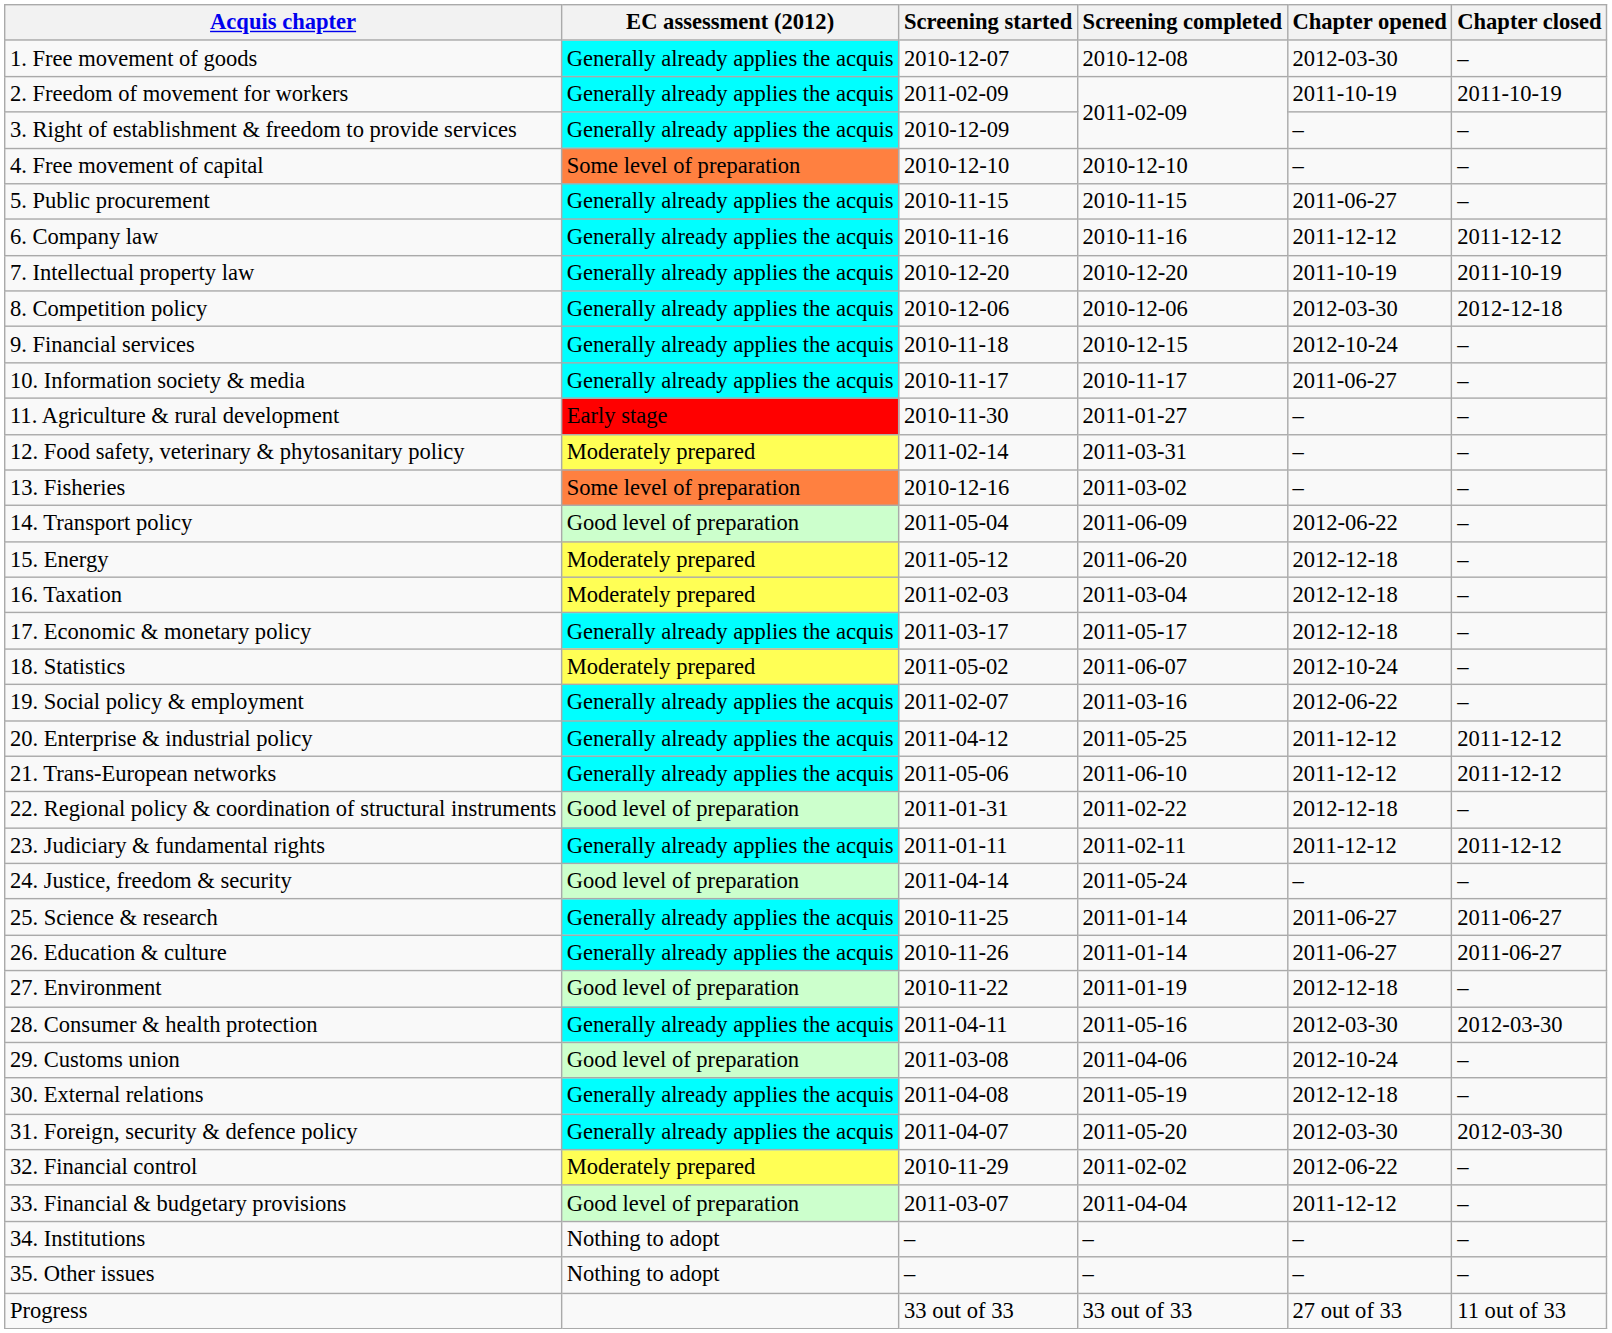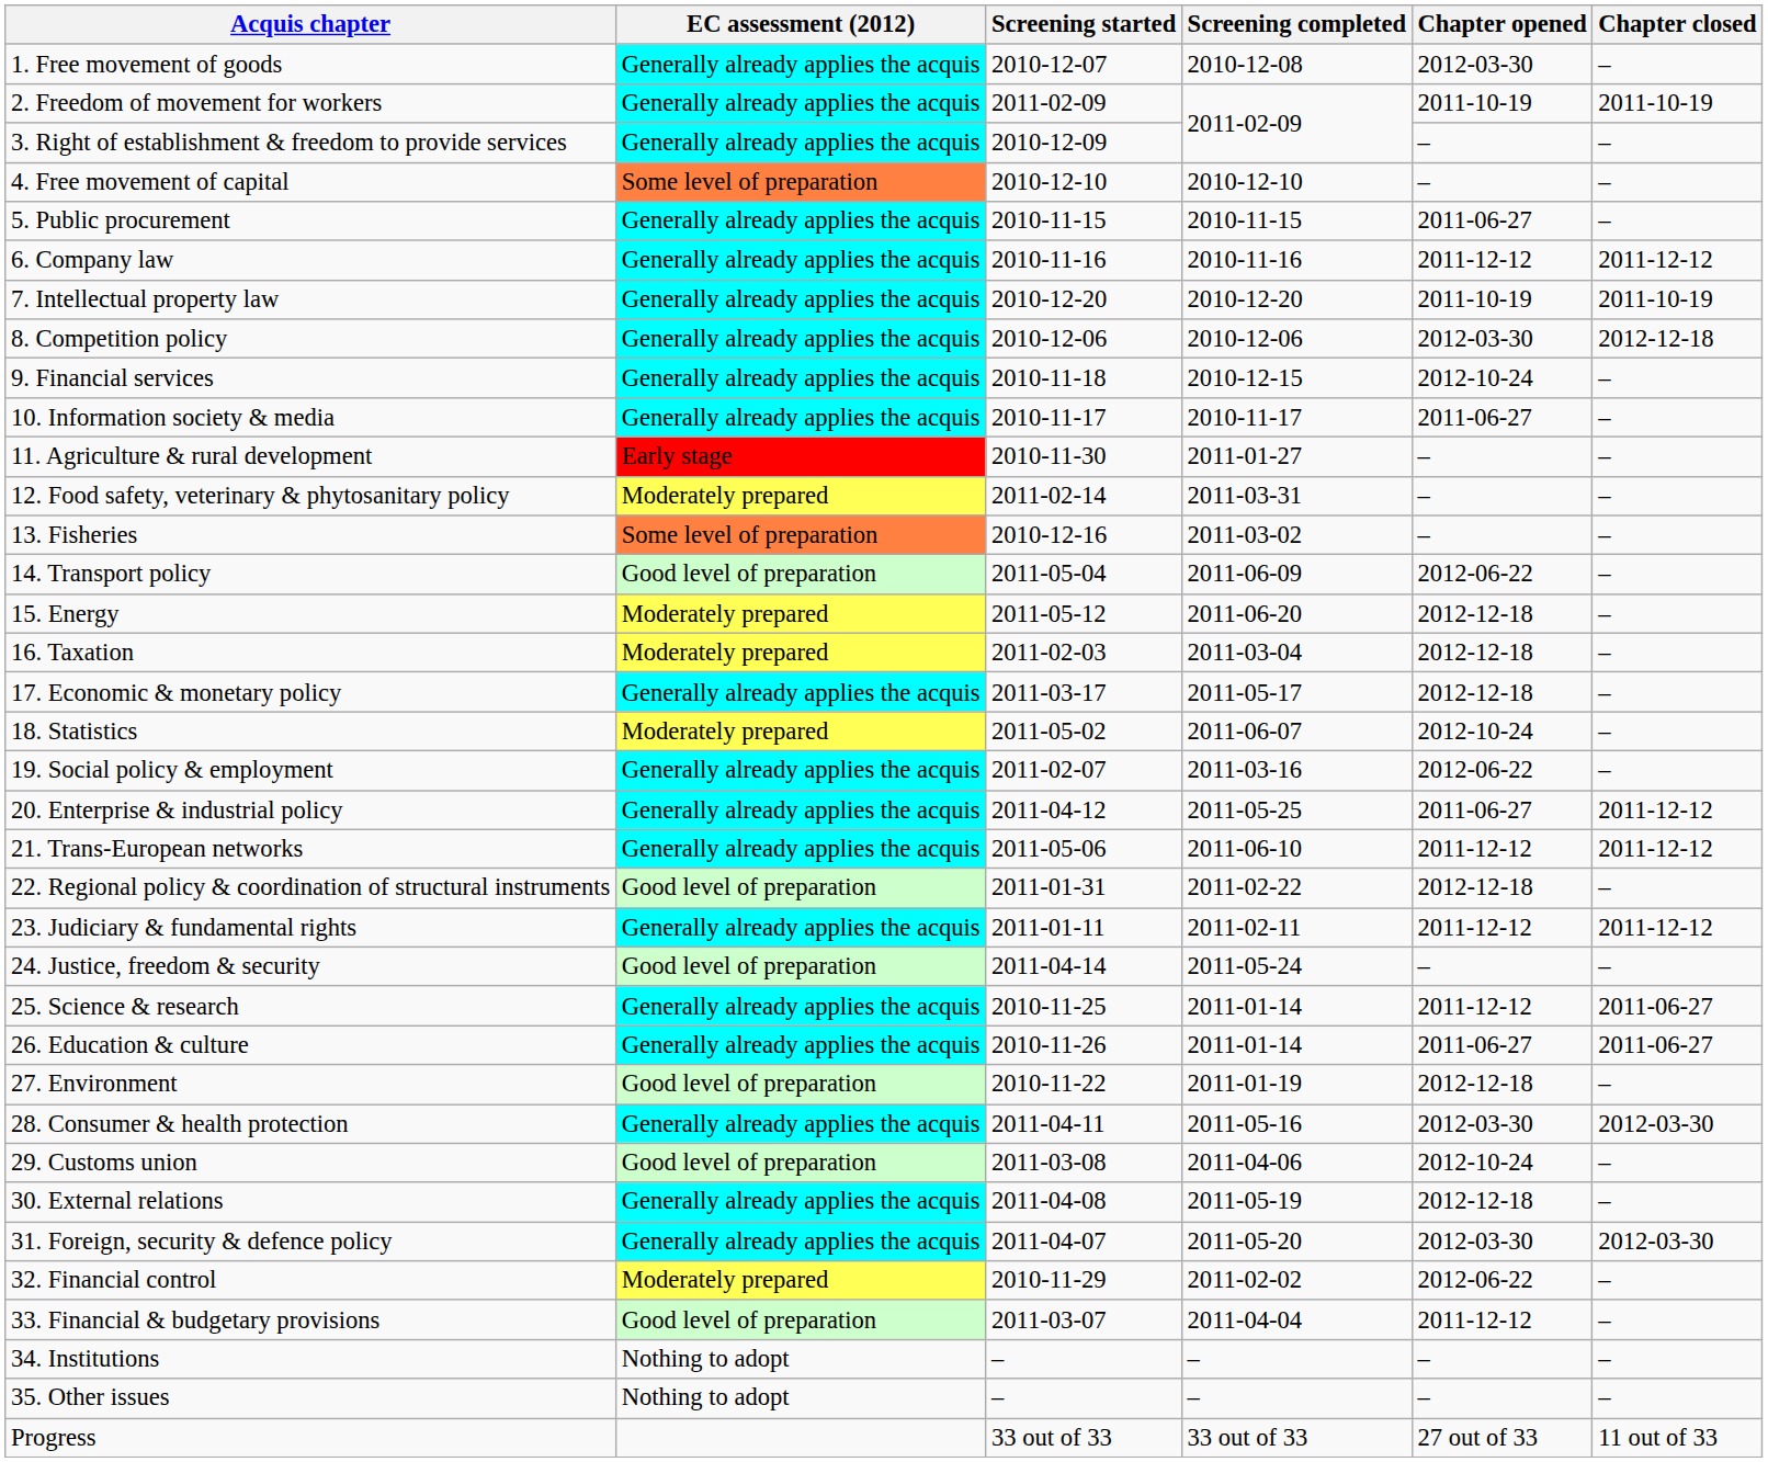 <table class="sortable wikitable" style="text-align: left;">
 <tr>
 <th><a href='#'>Acquis chapter</a></th>
 <th>EC assessment (2012)</th>
 <th>Screening started</th>
 <th>Screening completed</th>
 <th>Chapter opened</th>
 <th>Chapter closed</th>
 </tr>
 <tr>
 <td style="text-align: left;">1. Free movement of goods</td>
 <td style="background:aqua;">Generally already applies the acquis</td>
 <td>2010-12-07</td>
 <td>2010-12-08</td>
 <td>2012-03-30</td>
 <td>–</td>
 </tr>
 <tr>
 <td style="text-align: left;">2. Freedom of movement for workers</td>
 <td style="background: aqua;">Generally already applies the acquis</td>
 <td>2011-02-09</td>
 <td rowspan="2">2011-02-09</td>
 <td>2011-10-19</td>
 <td>2011-10-19</td>
 </tr>
 <tr>
 <td style="text-align: left;">3. Right of establishment & freedom to provide services</td>
 <td style="background:aqua;">Generally already applies the acquis</td>
 <td>2010-12-09</td>
 <td>–</td>
 <td>–</td>
 </tr>
 <tr>
 <td style="text-align: left;">4. Free movement of capital</td>
 <td style="background: #FF8040;">Some level of preparation</td>
 <td>2010-12-10</td>
 <td>2010-12-10</td>
 <td>–</td>
 <td>–</td>
 </tr>
 <tr>
 <td style="text-align: left;">5. Public procurement</td>
 <td style="background:aqua;">Generally already applies the acquis</td>
 <td>2010-11-15</td>
 <td>2010-11-15</td>
 <td>2011-06-27</td>
 <td>–</td>
 </tr>
 <tr>
 <td style="text-align: left;">6. Company law</td>
 <td style="background:aqua;">Generally already applies the acquis</td>
 <td>2010-11-16</td>
 <td>2010-11-16</td>
 <td>2011-12-12</td>
 <td>2011-12-12</td>
 </tr>
 <tr>
 <td style="text-align: left;">7. Intellectual property law</td>
 <td style="background: aqua;">Generally already applies the acquis</td>
 <td>2010-12-20</td>
 <td>2010-12-20</td>
 <td>2011-10-19</td>
 <td>2011-10-19</td>
 </tr>
 <tr>
 <td style="text-align: left;">8. Competition policy</td>
 <td style="background: aqua;">Generally already applies the acquis</td>
 <td>2010-12-06</td>
 <td>2010-12-06</td>
 <td>2012-03-30</td>
 <td>2012-12-18</td>
 </tr>
 <tr>
 <td style="text-align: left;">9. Financial services</td>
 <td style="background: aqua;">Generally already applies the acquis</td>
 <td>2010-11-18</td>
 <td>2010-12-15</td>
 <td>2012-10-24</td>
 <td>–</td>
 </tr>
 <tr>
 <td style="text-align: left;">10. Information society & media</td>
 <td style="background: aqua;">Generally already applies the acquis</td>
 <td>2010-11-17</td>
 <td>2010-11-17</td>
 <td>2011-06-27</td>
 <td>–</td>
 </tr>
 <tr>
 <td style="text-align: left;">11. Agriculture & rural development</td>
 <td style="background: red;">Early stage</td>
 <td>2010-11-30</td>
 <td>2011-01-27</td>
 <td>–</td>
 <td>–</td>
 </tr>
 <tr>
 <td style="text-align: left;">12. Food safety, veterinary & phytosanitary policy</td>
 <td style="background:#ff5;">Moderately prepared</td>
 <td>2011-02-14</td>
 <td>2011-03-31</td>
 <td>–</td>
 <td>–</td>
 </tr>
 <tr>
 <td style="text-align: left;">13. Fisheries</td>
 <td style="background: #FF8040;">Some level of preparation</td>
 <td>2010-12-16</td>
 <td>2011-03-02</td>
 <td>–</td>
 <td>–</td>
 </tr>
 <tr>
 <td style="text-align: left;">14. Transport policy</td>
 <td style="background:#cfc;">Good level of preparation</td>
 <td>2011-05-04</td>
 <td>2011-06-09</td>
 <td>2012-06-22</td>
 <td>–</td>
 </tr>
 <tr>
 <td style="text-align: left;">15. Energy</td>
 <td style="background:#ff5;">Moderately prepared</td>
 <td>2011-05-12</td>
 <td>2011-06-20</td>
 <td>2012-12-18</td>
 <td>–</td>
 </tr>
 <tr>
 <td style="text-align: left;">16. Taxation</td>
 <td style="background: #ff5;">Moderately prepared</td>
 <td>2011-02-03</td>
 <td>2011-03-04</td>
 <td>2012-12-18</td>
 <td>–</td>
 </tr>
 <tr>
 <td style="text-align: left;">17. Economic & monetary policy</td>
 <td style="background: aqua;">Generally already applies the acquis</td>
 <td>2011-03-17</td>
 <td>2011-05-17</td>
 <td>2012-12-18</td>
 <td>–</td>
 </tr>
 <tr>
 <td style="text-align: left;">18. Statistics</td>
 <td style="background: #ff5;">Moderately prepared</td>
 <td>2011-05-02</td>
 <td>2011-06-07</td>
 <td>2012-10-24</td>
 <td>–</td>
 </tr>
 <tr>
 <td style="text-align: left;">19. Social policy & employment</td>
 <td style="background:aqua;">Generally already applies the acquis</td>
 <td>2011-02-07</td>
 <td>2011-03-16</td>
 <td>2012-06-22</td>
 <td>–</td>
 </tr>
 <tr>
 <td style="text-align: left;">20. Enterprise & industrial policy</td>
 <td style="background: aqua;">Generally already applies the acquis</td>
 <td>2011-04-12</td>
 <td>2011-05-25</td>
-<td>2011-12-12</td>
+<td>2011-06-27</td>
 <td>2011-12-12</td>
 </tr>
 <tr>
 <td style="text-align: left;">21. Trans-European networks</td>
 <td style="background: aqua;">Generally already applies the acquis</td>
 <td>2011-05-06</td>
 <td>2011-06-10</td>
 <td>2011-12-12</td>
 <td>2011-12-12</td>
 </tr>
 <tr>
 <td style="text-align: left;">22. Regional policy & coordination of structural instruments</td>
 <td style="background:#cfc;">Good level of preparation</td>
 <td>2011-01-31</td>
 <td>2011-02-22</td>
 <td>2012-12-18</td>
 <td>–</td>
 </tr>
 <tr>
 <td style="text-align: left;">23. Judiciary & fundamental rights</td>
 <td style="background: aqua;">Generally already applies the acquis</td>
 <td>2011-01-11</td>
 <td>2011-02-11</td>
 <td>2011-12-12</td>
 <td>2011-12-12</td>
 </tr>
 <tr>
 <td style="text-align: left;">24. Justice, freedom & security</td>
 <td style="background:#cfc;">Good level of preparation</td>
 <td>2011-04-14</td>
 <td>2011-05-24</td>
 <td>–</td>
 <td>–</td>
 </tr>
 <tr>
 <td style="text-align: left;">25. Science & research</td>
 <td style="background: aqua;">Generally already applies the acquis</td>
 <td>2010-11-25</td>
 <td>2011-01-14</td>
-<td>2011-06-27</td>
+<td>2011-12-12</td>
 <td>2011-06-27</td>
 </tr>
 <tr>
 <td style="text-align: left;">26. Education & culture</td>
 <td style="background: aqua;">Generally already applies the acquis</td>
 <td>2010-11-26</td>
 <td>2011-01-14</td>
 <td>2011-06-27</td>
 <td>2011-06-27</td>
 </tr>
 <tr>
 <td style="text-align: left;">27. Environment</td>
 <td style="background:#cfc;">Good level of preparation</td>
 <td>2010-11-22</td>
 <td>2011-01-19</td>
 <td>2012-12-18</td>
 <td>–</td>
 </tr>
 <tr>
 <td style="text-align: left;">28. Consumer & health protection</td>
 <td style="background:aqua;">Generally already applies the acquis</td>
 <td>2011-04-11</td>
 <td>2011-05-16</td>
 <td>2012-03-30</td>
 <td>2012-03-30</td>
 </tr>
 <tr>
 <td style="text-align: left;">29. Customs union</td>
 <td style="background:#cfc;">Good level of preparation</td>
 <td>2011-03-08</td>
 <td>2011-04-06</td>
 <td>2012-10-24</td>
 <td>–</td>
 </tr>
 <tr>
 <td style="text-align: left;">30. External relations</td>
 <td style="background:aqua;">Generally already applies the acquis</td>
 <td>2011-04-08</td>
 <td>2011-05-19</td>
 <td>2012-12-18</td>
 <td>–</td>
 </tr>
 <tr>
 <td style="text-align: left;">31. Foreign, security & defence policy</td>
 <td style="background:aqua;">Generally already applies the acquis</td>
 <td>2011-04-07</td>
 <td>2011-05-20</td>
 <td>2012-03-30</td>
 <td>2012-03-30</td>
 </tr>
 <tr>
 <td style="text-align: left;">32. Financial control</td>
 <td style="background: #ff5;">Moderately prepared</td>
 <td>2010-11-29</td>
 <td>2011-02-02</td>
 <td>2012-06-22</td>
 <td>–</td>
 </tr>
 <tr>
 <td style="text-align: left;">33. Financial & budgetary provisions</td>
 <td style="background:#cfc;">Good level of preparation</td>
 <td>2011-03-07</td>
 <td>2011-04-04</td>
 <td>2011-12-12</td>
 <td>–</td>
 </tr>
 <tr>
 <td style="text-align: left;">34. Institutions</td>
 <td>Nothing to adopt</td>
 <td>–</td>
 <td>–</td>
 <td>–</td>
 <td>–</td>
 </tr>
 <tr>
 <td style="text-align: left;">35. Other issues</td>
 <td>Nothing to adopt</td>
 <td>–</td>
 <td>–</td>
 <td>–</td>
 <td>–</td>
 </tr>
 <tr>
 <td>Progress</td>
 <td></td>
 <td>33 out of 33</td>
 <td>33 out of 33</td>
 <td>27 out of 33</td>
 <td>11 out of 33</td>
 </tr>
 </table>
